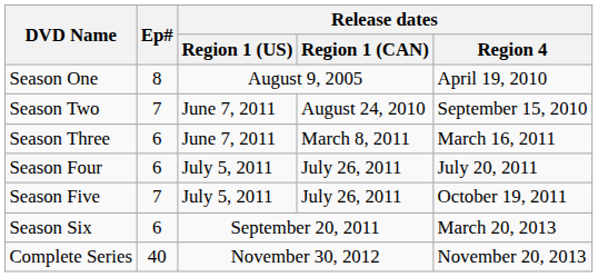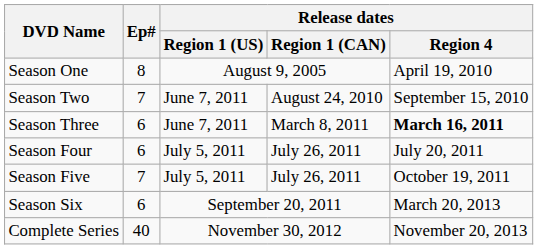 <table class="wikitable">
 <tr>
 <th rowspan="2">DVD Name</th>
 <th rowspan="2">Ep#</th>
 <th colspan="4">Release dates</th>
 </tr>
 <tr>
 <th>Region 1 (US)</th>
 <th>Region 1 (CAN)</th>
 <th>Region 4</th>
 </tr>
 <tr>
 <td>Season One</td>
 <td style="text-align:center;">8</td>
 <td colspan="2" style="text-align:center;">August 9, 2005</td>
 <td>April 19, 2010</td>
 </tr>
 <tr>
 <td>Season Two</td>
 <td style="text-align:center;">7</td>
 <td>June 7, 2011</td>
 <td>August 24, 2010</td>
 <td>September 15, 2010</td>
 </tr>
 <tr>
 <td>Season Three</td>
 <td style="text-align:center;">6</td>
 <td>June 7, 2011</td>
 <td>March 8, 2011</td>
-<td>March 16, 2011</td>
+<td><strong>March 16, 2011</strong></td>
 </tr>
 <tr>
 <td>Season Four</td>
 <td style="text-align:center;">6</td>
 <td>July 5, 2011</td>
 <td>July 26, 2011</td>
 <td>July 20, 2011</td>
 </tr>
 <tr>
 <td>Season Five</td>
 <td style="text-align:center;">7</td>
 <td>July 5, 2011</td>
 <td>July 26, 2011</td>
 <td>October 19, 2011</td>
 </tr>
 <tr>
 <td>Season Six</td>
 <td style="text-align:center;">6</td>
 <td colspan="2" style="text-align:center;">September 20, 2011</td>
 <td>March 20, 2013</td>
 </tr>
 <tr>
 <td>Complete Series</td>
 <td style="text-align:center;">40</td>
 <td colspan="2" style="text-align:center;">November 30, 2012</td>
 <td>November 20, 2013</td>
 </tr>
 </table>
